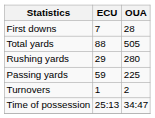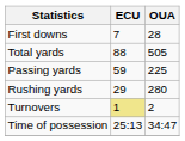 <table class="wikitable" style="float: left;">
 <tr>
 <th>Statistics</th>
 <th>ECU</th>
 <th>OUA</th>
 </tr>
 <tr>
 <td>First downs</td>
 <td>7</td>
 <td>28</td>
 </tr>
 <tr>
 <td>Total yards</td>
 <td>88</td>
 <td>505</td>
 </tr>
 <tr>
+<td>Passing yards</td>
+<td>59</td>
+<td>225</td>
+</tr>
+<tr>
 <td>Rushing yards</td>
 <td>29</td>
 <td>280</td>
 </tr>
 <tr>
-<td>Passing yards</td>
-<td>59</td>
-<td>225</td>
-</tr>
-<tr>
 <td>Turnovers</td>
-<td>1</td>
+<td style="background: khaki;">1</td>
 <td>2</td>
 </tr>
 <tr>
 <td>Time of possession</td>
 <td>25:13</td>
 <td>34:47</td>
 </tr>
 <tr>
 </tr>
 </table>
